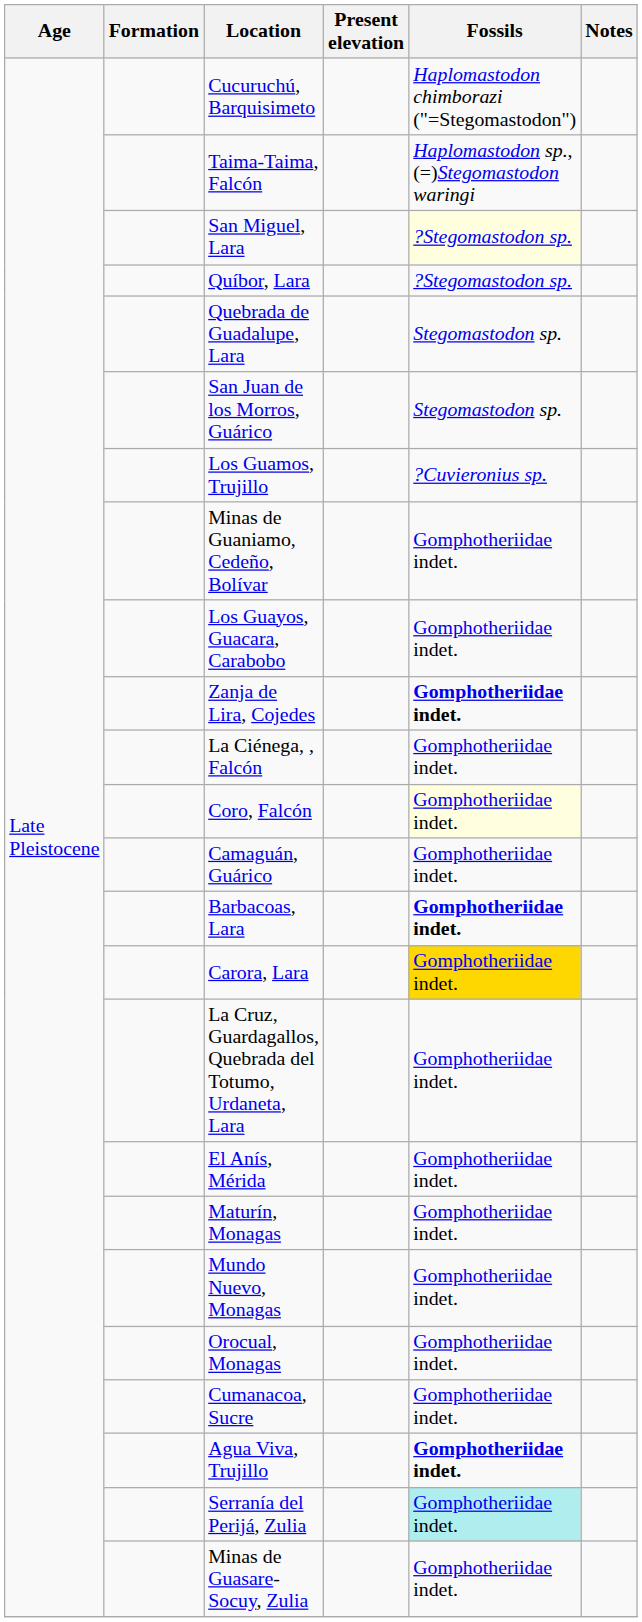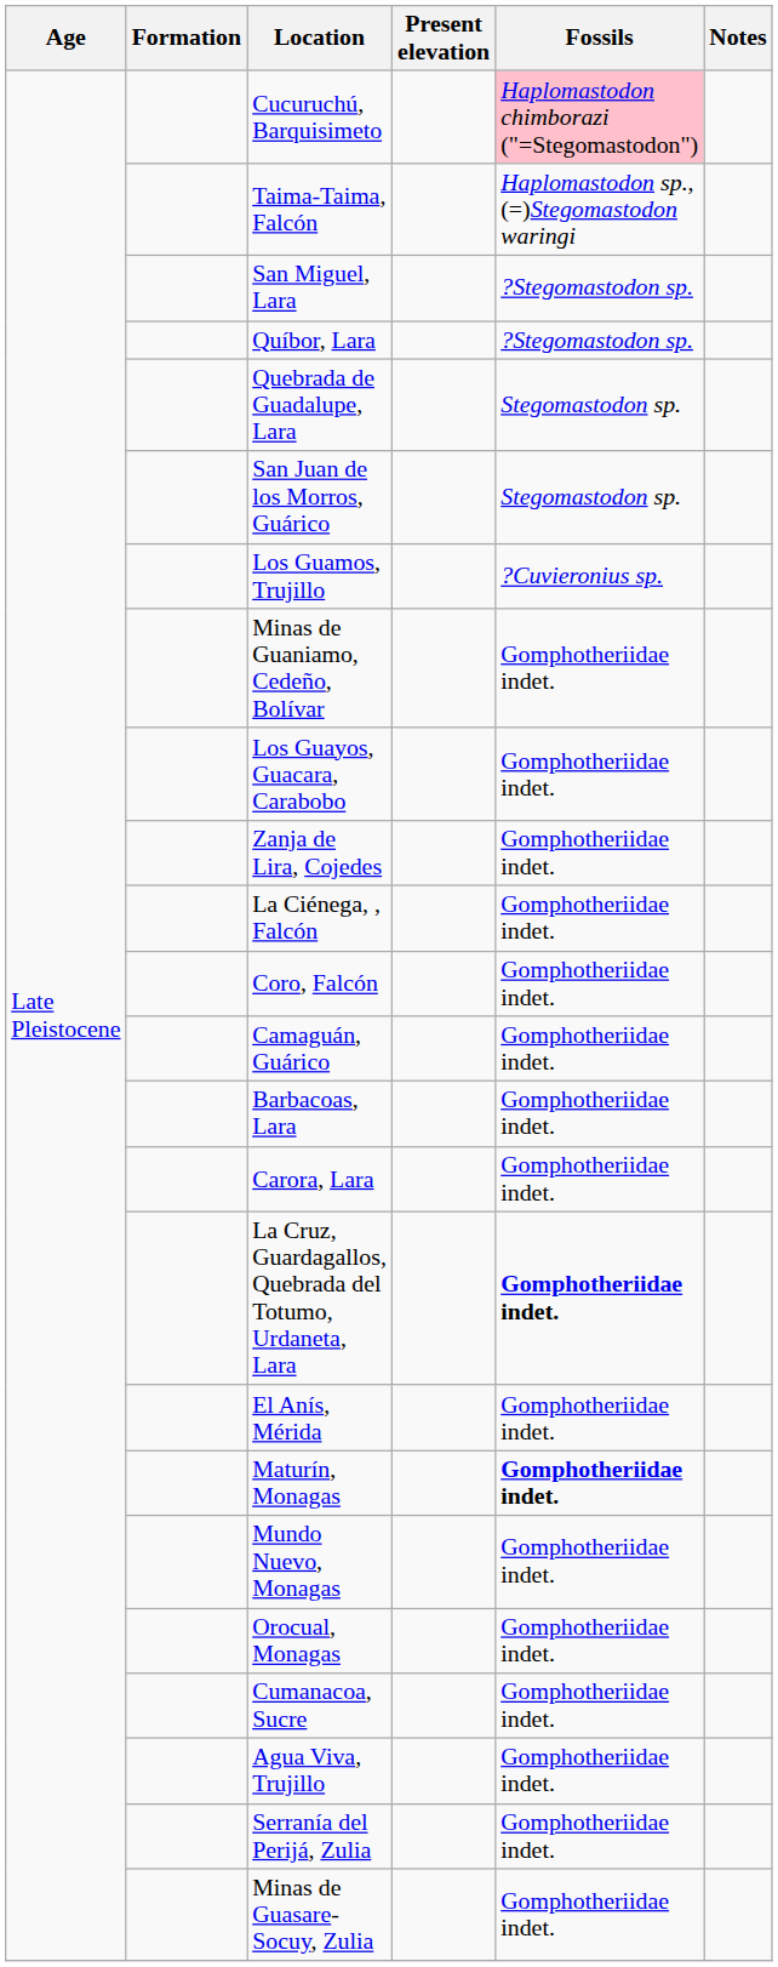 <table class="wikitable sortable" style="width: 70%;">
 <tr>
 <th>Age</th>
 <th>Formation</th>
 <th>Location</th>
 <th>Present elevation</th>
 <th>Fossils</th>
 <th class="unsortable">Notes</th>
 </tr>
 <tr>
 <td rowspan=24 style="background-color: "><a href='#'>Late Pleistocene</a></td>
 <td></td>
 <td><a href='#'>Cucuruchú</a>, <a href='#'>Barquisimeto</a></td>
 <td></td>
-<td><em><a href='#'>Haplomastodon</a> chimborazi</em> ("=Stegomastodon")</td>
+<td style="background: pink;"><em><a href='#'>Haplomastodon</a> chimborazi</em> ("=Stegomastodon")</td>
 <td></td>
 </tr>
 <tr>
 <td></td>
 <td><a href='#'>Taima-Taima</a>, <a href='#'>Falcón</a></td>
 <td></td>
 <td><em><a href='#'>Haplomastodon</a> sp.</em>, (=)<em><a href='#'>Stegomastodon</a> waringi</em></td>
 <td></td>
 </tr>
 <tr>
 <td></td>
 <td><a href='#'>San Miguel</a>, <a href='#'>Lara</a></td>
 <td></td>
-<td style="background: lightyellow;"><em><a href='#'>?Stegomastodon sp.</a></em></td>
+<td><em><a href='#'>?Stegomastodon sp.</a></em></td>
 <td></td>
 </tr>
 <tr>
 <td></td>
 <td><a href='#'>Quíbor</a>, <a href='#'>Lara</a></td>
 <td></td>
 <td><em><a href='#'>?Stegomastodon sp.</a></em></td>
 <td></td>
 </tr>
 <tr>
 <td></td>
 <td><a href='#'>Quebrada de Guadalupe</a>, <a href='#'>Lara</a></td>
 <td></td>
 <td><em><a href='#'>Stegomastodon</a> sp.</em></td>
 <td></td>
 </tr>
 <tr>
 <td></td>
 <td><a href='#'>San Juan de los Morros</a>, <a href='#'>Guárico</a></td>
 <td></td>
 <td><em><a href='#'>Stegomastodon</a> sp.</em></td>
 <td></td>
 </tr>
 <tr>
 <td></td>
 <td><a href='#'>Los Guamos</a>, <a href='#'>Trujillo</a></td>
 <td></td>
 <td><em><a href='#'>?Cuvieronius sp.</a></em></td>
 <td></td>
 </tr>
 <tr>
 <td></td>
 <td>Minas de Guaniamo, <a href='#'>Cedeño</a>, <a href='#'>Bolívar</a></td>
 <td></td>
 <td><a href='#'>Gomphotheriidae</a> indet.</td>
 <td></td>
 </tr>
 <tr>
 <td></td>
 <td><a href='#'>Los Guayos</a>, <a href='#'>Guacara</a>, <a href='#'>Carabobo</a></td>
 <td></td>
 <td><a href='#'>Gomphotheriidae</a> indet.</td>
 <td></td>
 </tr>
 <tr>
 <td></td>
 <td><a href='#'>Zanja de Lira</a>, <a href='#'>Cojedes</a></td>
 <td></td>
-<td><strong><a href='#'>Gomphotheriidae</a> indet.</strong></td>
+<td><a href='#'>Gomphotheriidae</a> indet.</td>
 <td></td>
 </tr>
 <tr>
 <td></td>
 <td>La Ciénega, , <a href='#'>Falcón</a></td>
 <td></td>
 <td><a href='#'>Gomphotheriidae</a> indet.</td>
 <td></td>
 </tr>
 <tr>
 <td></td>
 <td><a href='#'>Coro</a>, <a href='#'>Falcón</a></td>
 <td></td>
-<td style="background: lightyellow;"><a href='#'>Gomphotheriidae</a> indet.</td>
+<td><a href='#'>Gomphotheriidae</a> indet.</td>
 <td></td>
 </tr>
 <tr>
 <td></td>
 <td><a href='#'>Camaguán</a>, <a href='#'>Guárico</a></td>
 <td></td>
 <td><a href='#'>Gomphotheriidae</a> indet.</td>
 <td></td>
 </tr>
 <tr>
 <td></td>
 <td><a href='#'>Barbacoas</a>, <a href='#'>Lara</a></td>
 <td></td>
-<td><strong><a href='#'>Gomphotheriidae</a> indet.</strong></td>
+<td><a href='#'>Gomphotheriidae</a> indet.</td>
 <td></td>
 </tr>
 <tr>
 <td></td>
 <td><a href='#'>Carora</a>, <a href='#'>Lara</a></td>
 <td></td>
-<td style="background: gold;"><a href='#'>Gomphotheriidae</a> indet.</td>
+<td><a href='#'>Gomphotheriidae</a> indet.</td>
 <td></td>
 </tr>
 <tr>
 <td></td>
 <td>La Cruz, Guardagallos, Quebrada del Totumo, <a href='#'>Urdaneta</a>, <a href='#'>Lara</a></td>
 <td></td>
-<td><a href='#'>Gomphotheriidae</a> indet.</td>
+<td><strong><a href='#'>Gomphotheriidae</a> indet.</strong></td>
 <td></td>
 </tr>
 <tr>
 <td></td>
 <td><a href='#'>El Anís</a>, <a href='#'>Mérida</a></td>
 <td></td>
 <td><a href='#'>Gomphotheriidae</a> indet.</td>
 <td></td>
 </tr>
 <tr>
 <td></td>
 <td><a href='#'>Maturín</a>, <a href='#'>Monagas</a></td>
 <td></td>
-<td><a href='#'>Gomphotheriidae</a> indet.</td>
+<td><strong><a href='#'>Gomphotheriidae</a> indet.</strong></td>
 <td></td>
 </tr>
 <tr>
 <td></td>
 <td><a href='#'>Mundo Nuevo</a>, <a href='#'>Monagas</a></td>
 <td></td>
 <td><a href='#'>Gomphotheriidae</a> indet.</td>
 <td></td>
 </tr>
 <tr>
 <td></td>
 <td><a href='#'>Orocual</a>, <a href='#'>Monagas</a></td>
 <td></td>
 <td><a href='#'>Gomphotheriidae</a> indet.</td>
 <td></td>
 </tr>
 <tr>
 <td></td>
 <td><a href='#'>Cumanacoa</a>, <a href='#'>Sucre</a></td>
 <td></td>
 <td><a href='#'>Gomphotheriidae</a> indet.</td>
 <td></td>
 </tr>
 <tr>
 <td></td>
 <td><a href='#'>Agua Viva</a>, <a href='#'>Trujillo</a></td>
 <td></td>
-<td><strong><a href='#'>Gomphotheriidae</a> indet.</strong></td>
+<td><a href='#'>Gomphotheriidae</a> indet.</td>
 <td></td>
 </tr>
 <tr>
 <td></td>
 <td><a href='#'>Serranía del Perijá</a>, <a href='#'>Zulia</a></td>
 <td></td>
-<td style="background: paleturquoise;"><a href='#'>Gomphotheriidae</a> indet.</td>
+<td><a href='#'>Gomphotheriidae</a> indet.</td>
 <td></td>
 </tr>
 <tr>
 <td></td>
 <td>Minas de <a href='#'>Guasare</a>-<a href='#'>Socuy</a>, <a href='#'>Zulia</a></td>
 <td></td>
 <td><a href='#'>Gomphotheriidae</a> indet.</td>
 <td></td>
 </tr>
 <tr>
 </tr>
 </table>
